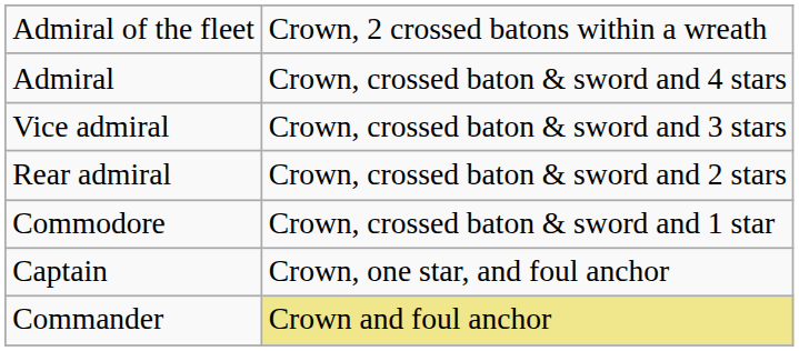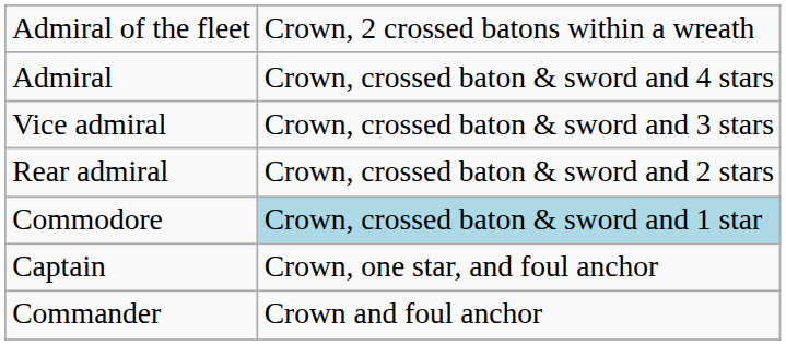 <table class=wikitable>
 <tr>
 <td>Admiral of the fleet</td>
 <td>Crown, 2 crossed batons within a wreath</td>
 </tr>
 <tr>
 <td>Admiral</td>
 <td>Crown, crossed baton & sword and 4 stars</td>
 </tr>
 <tr>
 <td>Vice admiral</td>
 <td>Crown, crossed baton & sword and 3 stars</td>
 </tr>
 <tr>
 <td>Rear admiral</td>
 <td>Crown, crossed baton & sword and 2 stars</td>
 </tr>
 <tr>
 <td>Commodore</td>
-<td>Crown, crossed baton & sword and 1 star</td>
+<td style="background: lightblue;">Crown, crossed baton & sword and 1 star</td>
 </tr>
 <tr>
 <td>Captain</td>
 <td>Crown, one star, and foul anchor</td>
 </tr>
 <tr>
 <td>Commander</td>
-<td style="background: khaki;">Crown and foul anchor</td>
+<td>Crown and foul anchor</td>
 </tr>
 </table>
